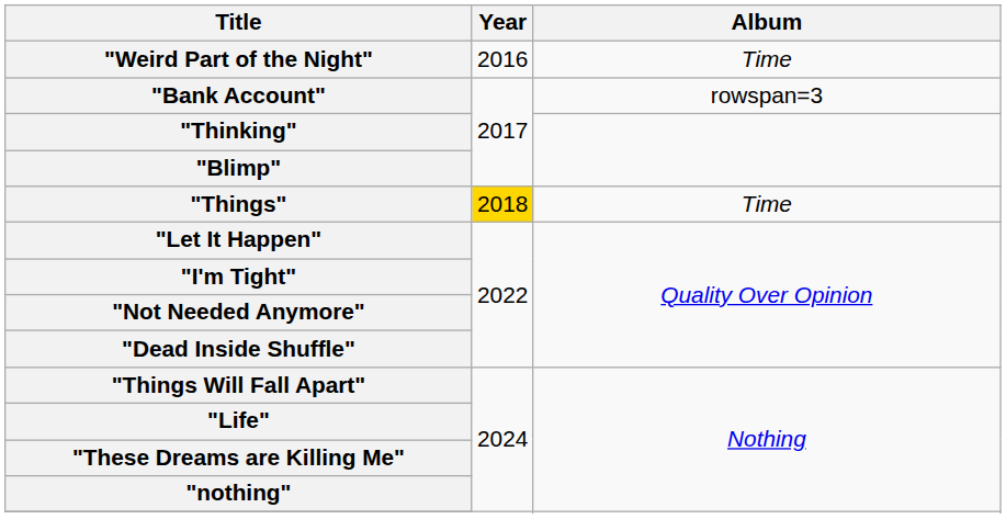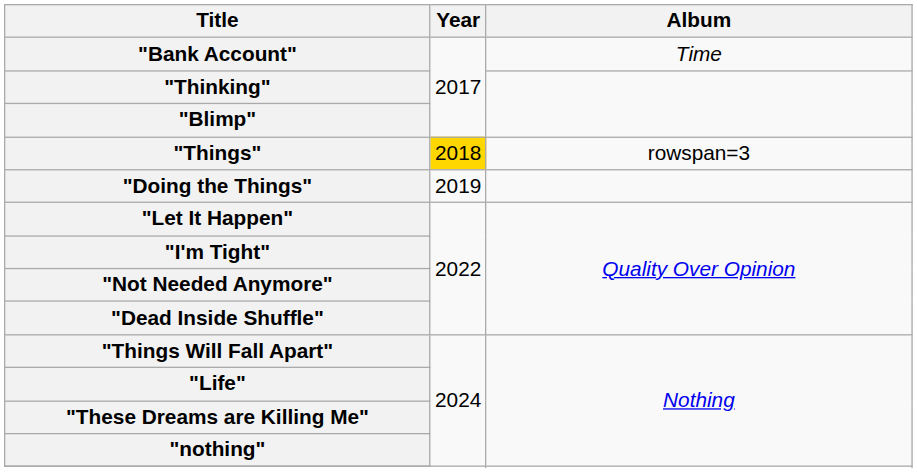 <table class="wikitable plainrowheaders" style="text-align:center;">
 <tr>
 <th rowspan="1" style="width:20em;">Title</th>
 <th rowspan="1" style="width:1em;">Year</th>
 <th rowspan="1" style="width:20em;">Album</th>
 </tr>
 <tr>
-<th scope="row">"Weird Part of the Night"</th>
-<td>2016</td>
-<td><em>Time</em></td>
-</tr>
-<tr>
 <th scope="row">"Bank Account"</th>
 <td rowspan=3>2017</td>
-<td>rowspan=3 </td>
+<td><em>Time</em></td>
 </tr>
 <tr>
 <th scope="row">"Thinking"</th>
 </tr>
 <tr>
 <th scope="row">"Blimp"</th>
 </tr>
 <tr>
 <th scope="row">"Things"</th>
 <td style="background: gold;">2018</td>
-<td><em>Time</em></td>
+<td>rowspan=3 </td>
+</tr>
+<tr>
+<th scope="row">"Doing the Things"</th>
+<td>2019</td>
+<td></td>
 </tr>
 <tr>
 <th scope="row">"Let It Happen"</th>
 <td rowspan=4>2022</td>
 <td rowspan=4><em><a href='#'>Quality Over Opinion</a></em></td>
 </tr>
 <tr>
 <th scope="row">"I'm Tight"</th>
 </tr>
 <tr>
 <th scope="row">"Not Needed Anymore"</th>
 </tr>
 <tr>
 <th scope="row">"Dead Inside Shuffle"</th>
 </tr>
 <tr>
 <th scope="row">"Things Will Fall Apart"</th>
 <td rowspan=5>2024</td>
 <td rowspan=5><em><a href='#'>Nothing</a></em></td>
 </tr>
 <tr>
 <th scope="row">"Life"</th>
 </tr>
 <tr>
 <th scope="row">"These Dreams are Killing Me"</th>
 </tr>
 <tr>
 <th scope="row">"nothing"</th>
 </tr>
 <tr>
 </tr>
 </table>
